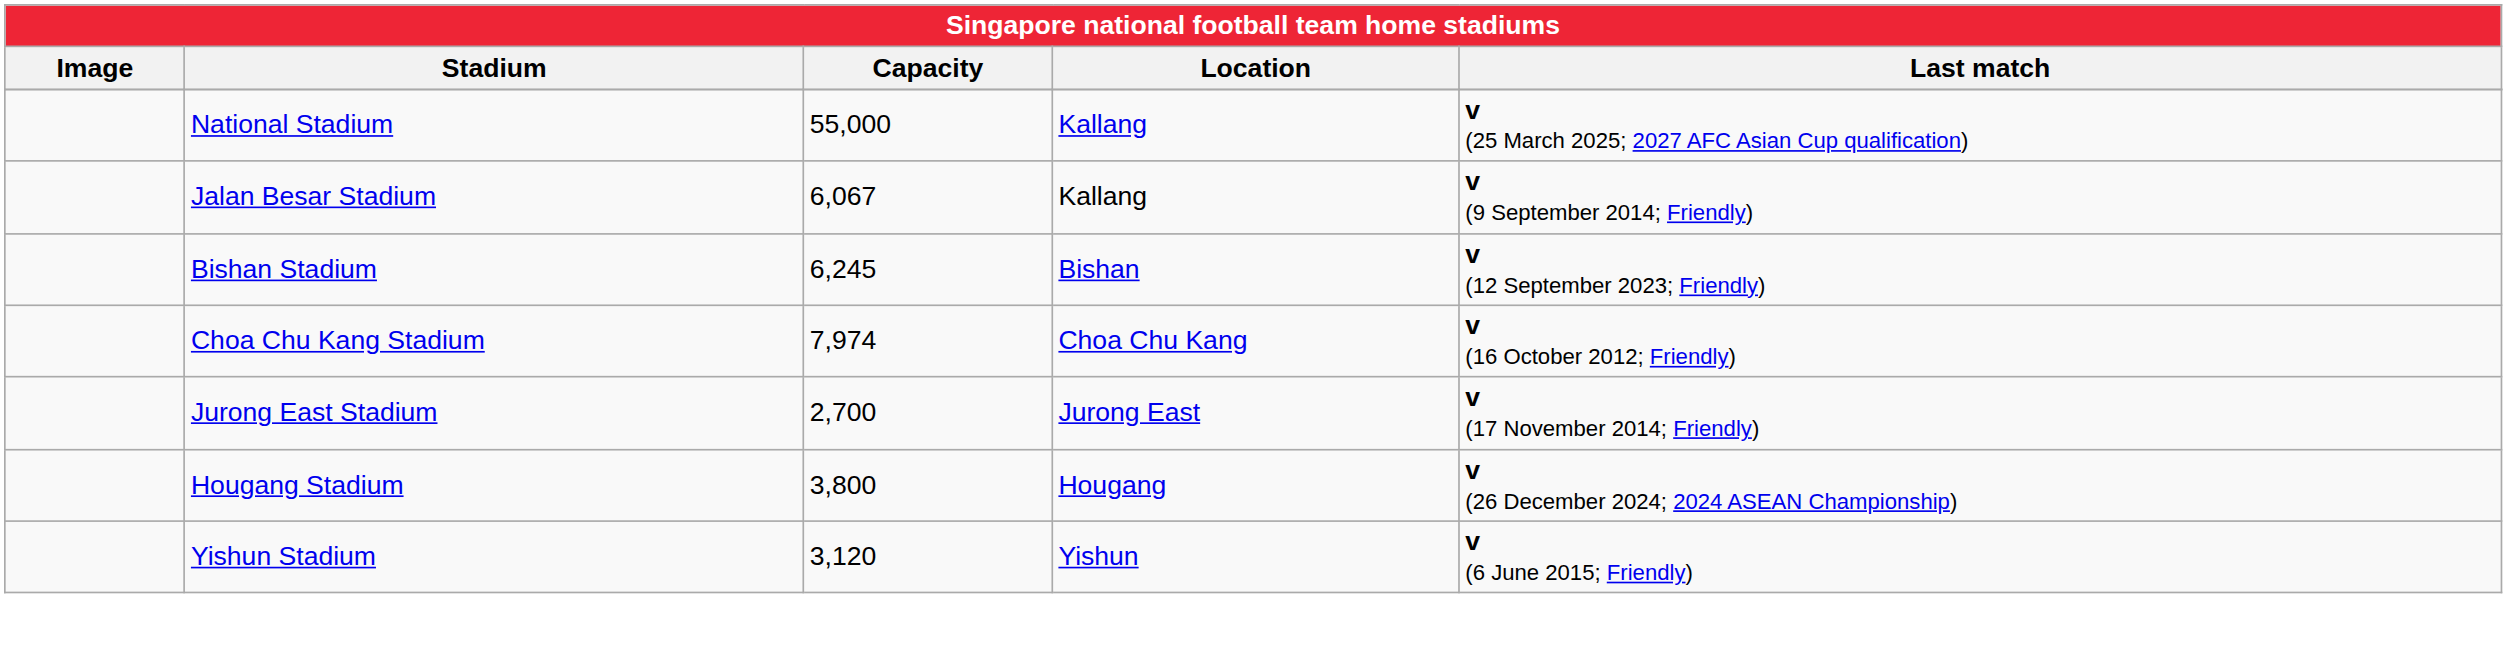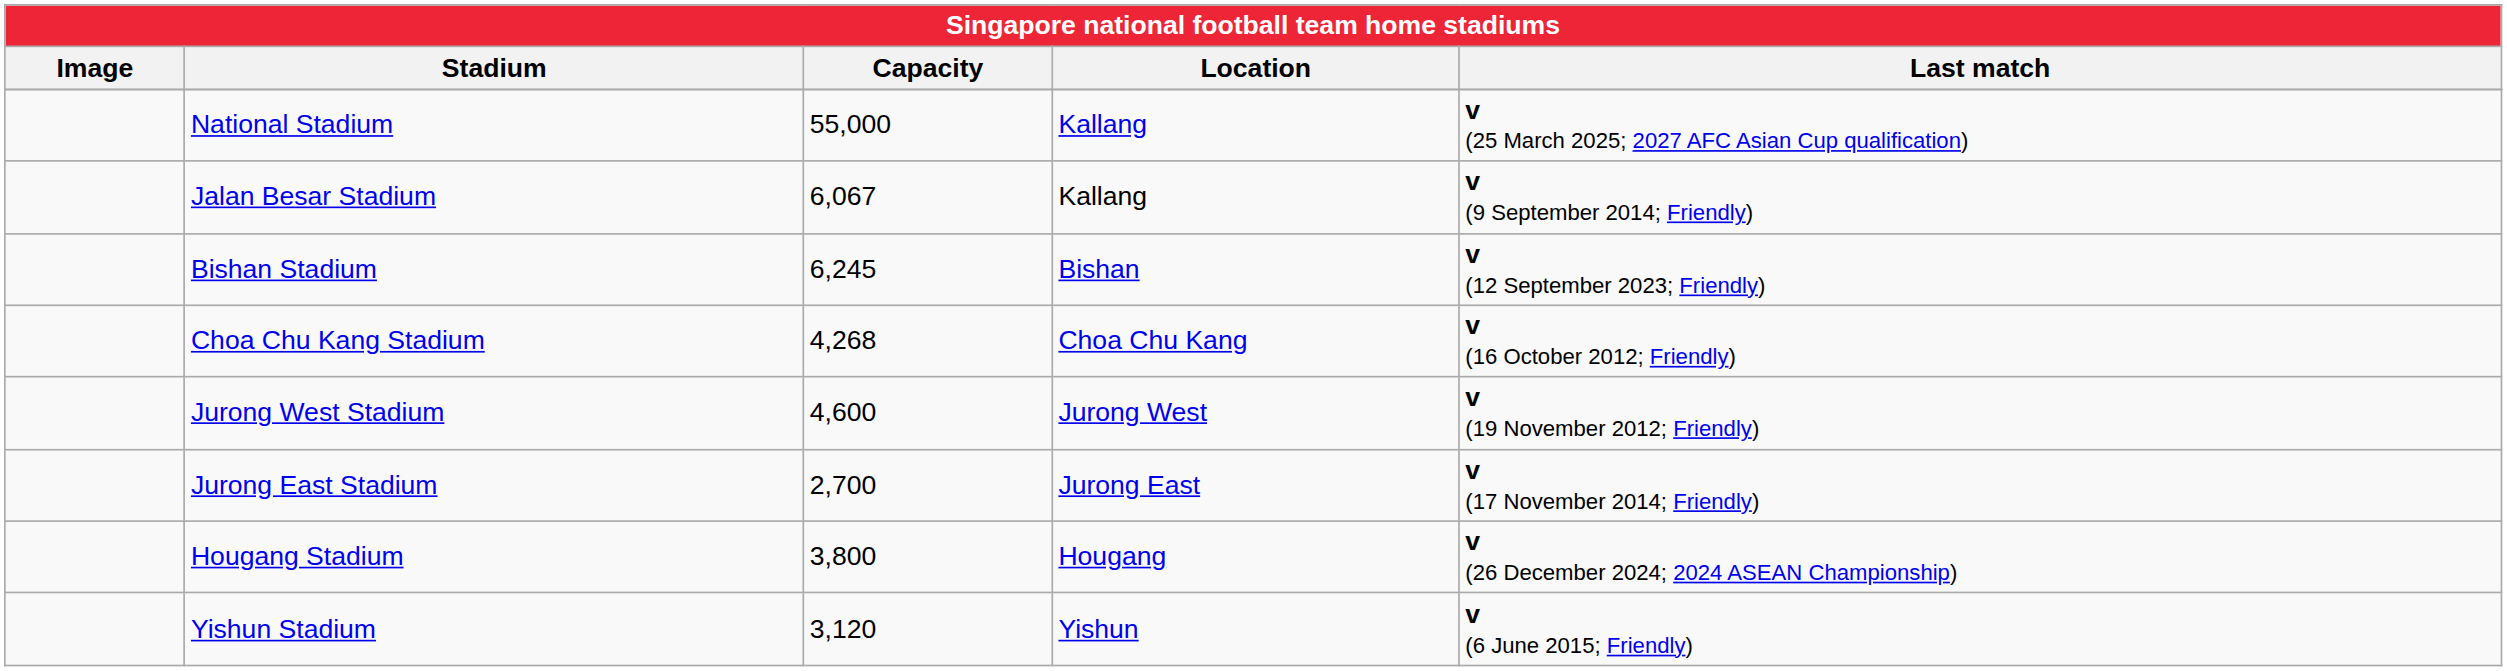 <table class="wikitable" width=95% style="text-align:center;font-size:100%;">
 <tr>
 <th colspan=5 style="background: #EE2536; color: #FFFFFF;">Singapore national football team home stadiums</th>
 </tr>
 <tr>
 <th>Image</th>
 <th>Stadium</th>
 <th>Capacity</th>
 <th>Location</th>
 <th>Last match</th>
 </tr>
 <tr>
 </tr>
 <tr>
 <td></td>
 <td style="text-align:left"><a href='#'>National Stadium</a></td>
 <td style="text-align:left">55,000</td>
 <td style="text-align:left"><a href='#'>Kallang</a></td>
 <td style="text-align:left"><strong>v</strong>  <br><small>(25 March 2025; <a href='#'>2027 AFC Asian Cup qualification</a>)</small></td>
 </tr>
 <tr>
 <td></td>
 <td style="text-align:left"><a href='#'>Jalan Besar Stadium</a></td>
 <td style="text-align:left">6,067</td>
 <td style="text-align:left">Kallang</td>
 <td style="text-align:left"><strong>v</strong>  <br><small>(9 September 2014; <a href='#'>Friendly</a>)</small></td>
 </tr>
 <tr>
 <td></td>
 <td style="text-align:left"><a href='#'>Bishan Stadium</a></td>
 <td style="text-align:left">6,245</td>
 <td style="text-align:left"><a href='#'>Bishan</a></td>
 <td style="text-align:left"><strong>v</strong>  <br><small>(12 September 2023; <a href='#'>Friendly</a>)</small></td>
 </tr>
 <tr>
 <td></td>
 <td style="text-align:left"><a href='#'>Choa Chu Kang Stadium</a></td>
-<td style="text-align:left">7,974</td>
+<td style="text-align:left">4,268</td>
 <td style="text-align:left"><a href='#'>Choa Chu Kang</a></td>
 <td style="text-align:left"><strong>v</strong>  <br><small>(16 October 2012; <a href='#'>Friendly</a>)</small></td>
+</tr>
+<tr>
+<td></td>
+<td style="text-align:left"><a href='#'>Jurong West Stadium</a></td>
+<td style="text-align:left">4,600</td>
+<td style="text-align:left"><a href='#'>Jurong West</a></td>
+<td style="text-align:left"><strong>v</strong>  <br><small>(19 November 2012; <a href='#'>Friendly</a>)</small></td>
 </tr>
 <tr>
 <td></td>
 <td style="text-align:left"><a href='#'>Jurong East Stadium</a></td>
 <td style="text-align:left">2,700</td>
 <td style="text-align:left"><a href='#'>Jurong East</a></td>
 <td style="text-align:left"><strong>v</strong>  <br><small>(17 November 2014; <a href='#'>Friendly</a>)</small></td>
 </tr>
 <tr>
 <td></td>
 <td style="text-align:left"><a href='#'>Hougang Stadium</a></td>
 <td style="text-align:left">3,800</td>
 <td style="text-align:left"><a href='#'>Hougang</a></td>
 <td style="text-align:left"><strong>v</strong>  <br><small>(26 December 2024; <a href='#'>2024 ASEAN Championship</a>)</small></td>
 </tr>
 <tr>
 <td></td>
 <td style="text-align:left"><a href='#'>Yishun Stadium</a></td>
 <td style="text-align:left">3,120</td>
 <td style="text-align:left"><a href='#'>Yishun</a></td>
 <td style="text-align:left"><strong>v</strong>  <br><small>(6 June 2015; <a href='#'>Friendly</a>)</small></td>
 </tr>
 </table>
